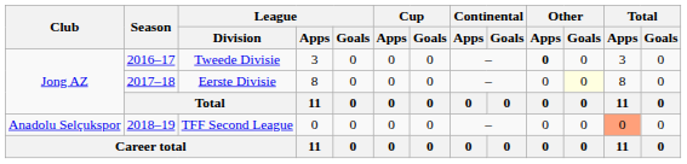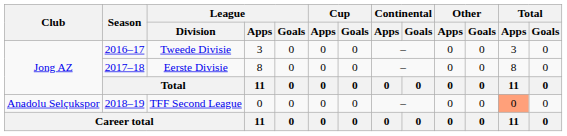 <table class="wikitable" style="text-align: center">
 <tr>
 <th rowspan="2">Club</th>
 <th rowspan="2">Season</th>
 <th colspan="3">League</th>
 <th colspan="2">Cup</th>
 <th colspan="2">Continental</th>
 <th colspan="2">Other</th>
 <th colspan="2">Total</th>
 </tr>
 <tr>
 <th>Division</th>
 <th>Apps</th>
 <th>Goals</th>
 <th>Apps</th>
 <th>Goals</th>
 <th>Apps</th>
 <th>Goals</th>
 <th>Apps</th>
 <th>Goals</th>
 <th>Apps</th>
 <th>Goals</th>
 </tr>
 <tr>
 <td rowspan="3"><a href='#'>Jong AZ</a></td>
 <td><a href='#'>2016–17</a></td>
 <td><a href='#'>Tweede Divisie</a></td>
 <td>3</td>
 <td>0</td>
 <td>0</td>
 <td>0</td>
 <td colspan="2">–</td>
-<td><strong>0</strong></td>
+<td>0</td>
 <td>0</td>
 <td>3</td>
 <td>0</td>
 </tr>
 <tr>
 <td><a href='#'>2017–18</a></td>
 <td><a href='#'>Eerste Divisie</a></td>
 <td>8</td>
 <td>0</td>
 <td>0</td>
 <td>0</td>
 <td colspan="2">–</td>
 <td>0</td>
-<td style="background: lightyellow;">0</td>
+<td>0</td>
 <td>8</td>
 <td>0</td>
 </tr>
 <tr>
 <th colspan=2>Total</th>
 <th>11</th>
 <th>0</th>
 <th>0</th>
 <th>0</th>
 <th>0</th>
 <th>0</th>
 <th>0</th>
 <th>0</th>
 <th>11</th>
 <th>0</th>
 </tr>
 <tr>
 <td><a href='#'>Anadolu Selçukspor</a></td>
 <td><a href='#'>2018–19</a></td>
 <td><a href='#'>TFF Second League</a></td>
 <td>0</td>
 <td>0</td>
 <td>0</td>
 <td>0</td>
 <td colspan="2">–</td>
 <td>0</td>
 <td>0</td>
 <td style="background: lightsalmon;">0</td>
 <td>0</td>
 </tr>
 <tr>
 <th colspan=3>Career total</th>
 <th>11</th>
 <th>0</th>
 <th>0</th>
 <th>0</th>
 <th>0</th>
 <th>0</th>
 <th>0</th>
 <th>0</th>
 <th>11</th>
 <th>0</th>
 </tr>
 </table>
